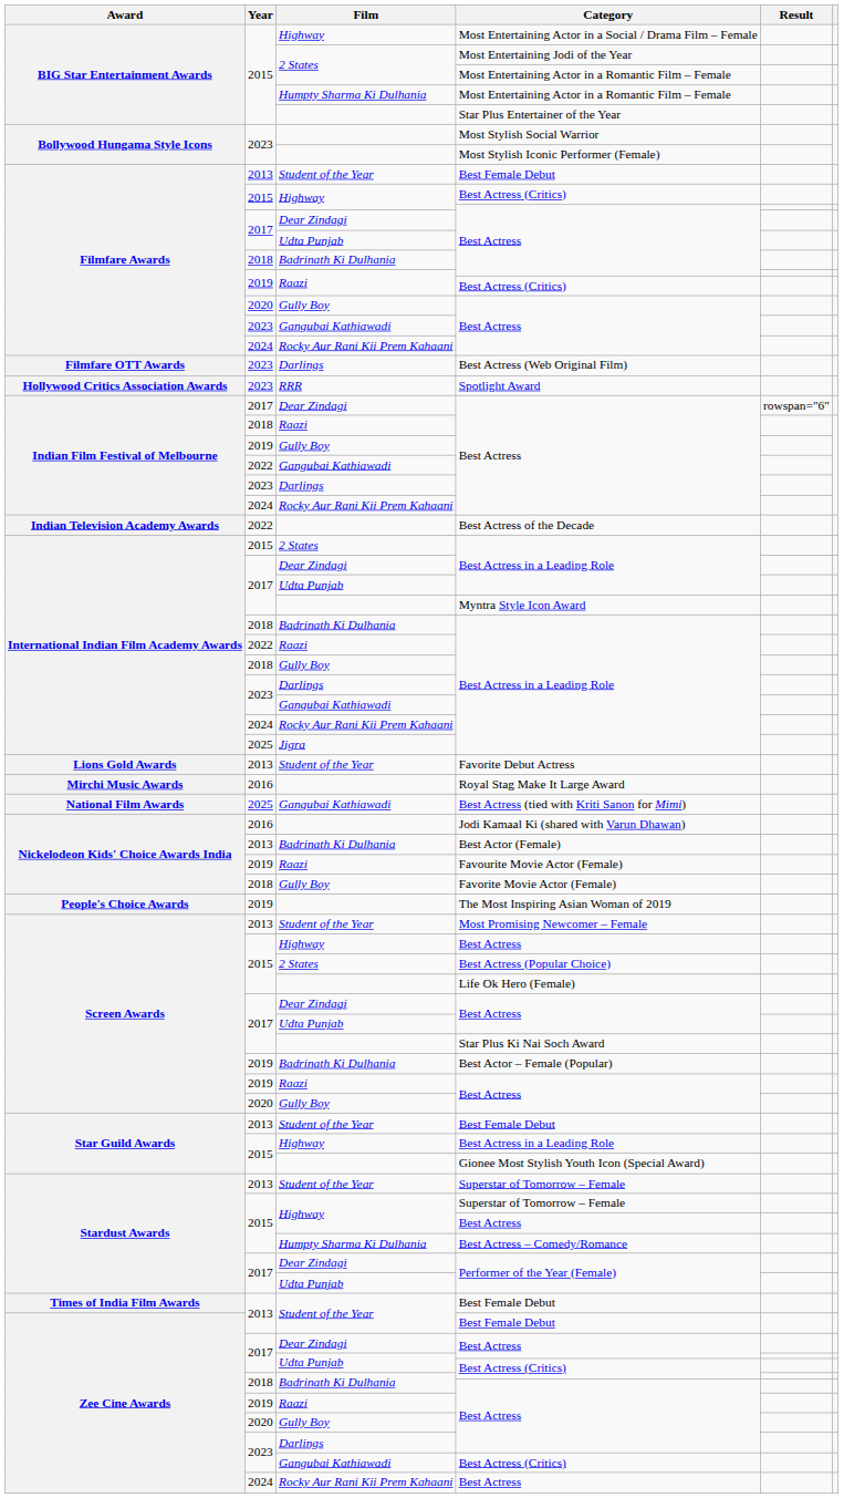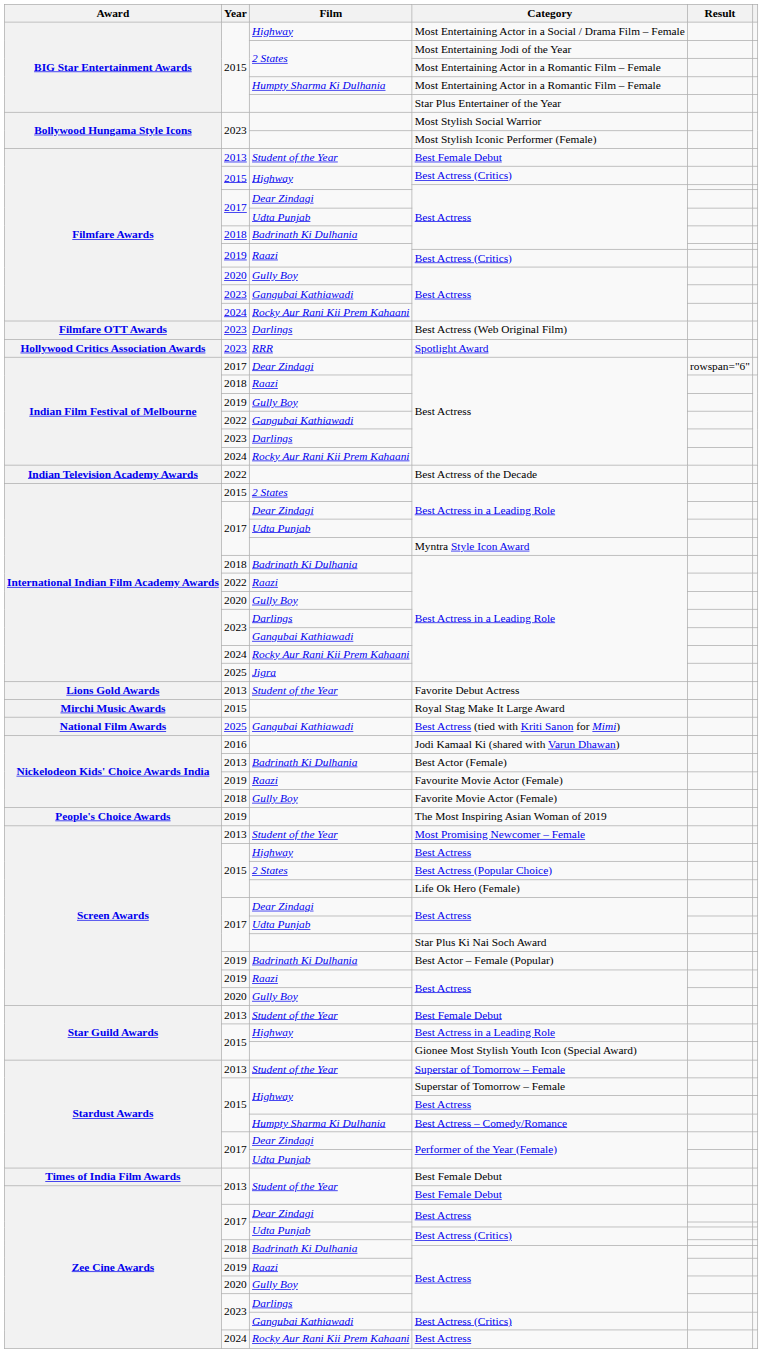 <table class="wikitable sortable plainrowheaders">
 <tr>
 <th scope="col">Award</th>
 <th scope="col">Year</th>
 <th scope="col">Film</th>
 <th scope="col">Category</th>
 <th scope="col">Result</th>
 <th scope="col" class="unsortable"></th>
 </tr>
 <tr>
 <th scope="row" rowspan="5"><a href='#'>BIG Star Entertainment Awards</a></th>
 <td rowspan="5">2015</td>
 <td><em><a href='#'>Highway</a></em></td>
 <td>Most Entertaining Actor in a Social / Drama Film – Female</td>
 <td></td>
 <td align="center"></td>
 </tr>
 <tr>
 <td rowspan="2"><em><a href='#'>2 States</a></em></td>
 <td>Most Entertaining Jodi of the Year</td>
 <td></td>
 <td align="center"></td>
 </tr>
 <tr>
 <td>Most Entertaining Actor in a Romantic Film – Female</td>
 <td></td>
 <td align="center"></td>
 </tr>
 <tr>
 <td><em><a href='#'>Humpty Sharma Ki Dulhania</a></em></td>
 <td>Most Entertaining Actor in a Romantic Film – Female</td>
 <td></td>
 <td align="center"></td>
 </tr>
 <tr>
 <td></td>
 <td>Star Plus Entertainer of the Year</td>
 <td></td>
 <td align="center"></td>
 </tr>
 <tr>
 <th scope="row" rowspan="2"><a href='#'>Bollywood Hungama Style Icons</a></th>
 <td rowspan="2">2023</td>
 <td></td>
 <td>Most Stylish Social Warrior</td>
 <td></td>
 <td rowspan="2"></td>
 </tr>
 <tr>
 <td></td>
 <td>Most Stylish Iconic Performer (Female)</td>
 <td></td>
 </tr>
 <tr>
 <th rowspan="11" scope="row"><a href='#'>Filmfare Awards</a></th>
 <td><a href='#'>2013</a></td>
 <td><em><a href='#'>Student of the Year</a></em></td>
 <td><a href='#'>Best Female Debut</a></td>
 <td></td>
 <td align="center"></td>
 </tr>
 <tr>
 <td rowspan="2"><a href='#'>2015</a></td>
 <td rowspan="2"><em><a href='#'>Highway</a></em></td>
 <td><a href='#'>Best Actress (Critics)</a></td>
 <td></td>
 <td align="center"></td>
 </tr>
 <tr>
 <td rowspan="5"><a href='#'>Best Actress</a></td>
 <td></td>
 <td align="center"></td>
 </tr>
 <tr>
 <td rowspan="2"><a href='#'>2017</a></td>
 <td><em><a href='#'>Dear Zindagi</a></em></td>
 <td></td>
 <td align="center"></td>
 </tr>
 <tr>
 <td><em><a href='#'>Udta Punjab</a></em></td>
 <td></td>
 <td align="center"></td>
 </tr>
 <tr>
 <td><a href='#'>2018</a></td>
 <td><em><a href='#'>Badrinath Ki Dulhania</a></em></td>
 <td></td>
 <td align="center"></td>
 </tr>
 <tr>
 <td rowspan="2"><a href='#'>2019</a></td>
 <td rowspan="2"><em><a href='#'>Raazi</a></em></td>
 <td></td>
 <td align="center"></td>
 </tr>
 <tr>
 <td><a href='#'>Best Actress (Critics)</a></td>
 <td></td>
 <td align="center"></td>
 </tr>
 <tr>
 <td><a href='#'>2020</a></td>
 <td><em><a href='#'>Gully Boy</a></em></td>
 <td rowspan="3"><a href='#'>Best Actress</a></td>
 <td></td>
 <td align="center"></td>
 </tr>
 <tr>
 <td><a href='#'>2023</a></td>
 <td><em><a href='#'>Gangubai Kathiawadi</a></em></td>
 <td></td>
 <td align="center"></td>
 </tr>
 <tr>
 <td><a href='#'>2024</a></td>
 <td><em><a href='#'>Rocky Aur Rani Kii Prem Kahaani</a></em></td>
 <td></td>
 <td align="center"></td>
 </tr>
 <tr>
 <th scope="row"><a href='#'>Filmfare OTT Awards</a></th>
 <td><a href='#'>2023</a></td>
 <td><em><a href='#'>Darlings</a></em></td>
 <td>Best Actress (Web Original Film)</td>
 <td></td>
 <td align="center"></td>
 </tr>
 <tr>
 <th scope="row"><a href='#'>Hollywood Critics Association Awards</a></th>
 <td><a href='#'>2023</a></td>
 <td><em><a href='#'>RRR</a></em></td>
 <td><a href='#'>Spotlight Award</a></td>
 <td></td>
 <td align="center"></td>
 </tr>
 <tr>
 <th scope="row" rowspan="6"><a href='#'>Indian Film Festival of Melbourne</a></th>
 <td>2017</td>
 <td><em><a href='#'>Dear Zindagi</a></em></td>
 <td rowspan="6">Best Actress</td>
 <td>rowspan="6" </td>
 <td align="center"></td>
 </tr>
 <tr>
 <td>2018</td>
 <td><em><a href='#'>Raazi</a></em></td>
 <td align="center"></td>
 </tr>
 <tr>
 <td>2019</td>
 <td><em><a href='#'>Gully Boy</a></em></td>
 <td align="center"></td>
 </tr>
 <tr>
 <td>2022</td>
 <td><em><a href='#'>Gangubai Kathiawadi</a></em></td>
 <td align="center"></td>
 </tr>
 <tr>
 <td>2023</td>
 <td><em><a href='#'>Darlings</a></em></td>
 <td align="center"></td>
 </tr>
 <tr>
 <td>2024</td>
 <td><em><a href='#'>Rocky Aur Rani Kii Prem Kahaani</a></em></td>
 <td align="center"></td>
 </tr>
 <tr>
 <th scope="row"><a href='#'>Indian Television Academy Awards</a></th>
 <td>2022</td>
 <td></td>
 <td>Best Actress of the Decade</td>
 <td></td>
 <td align="center"></td>
 </tr>
 <tr>
 <th scope="row" rowspan="11"><a href='#'>International Indian Film Academy Awards</a></th>
 <td>2015</td>
 <td><em><a href='#'>2 States</a></em></td>
 <td rowspan="3"><a href='#'>Best Actress in a Leading Role</a></td>
 <td></td>
 <td align="center"></td>
 </tr>
 <tr>
 <td rowspan="3">2017</td>
 <td><em><a href='#'>Dear Zindagi</a></em></td>
 <td></td>
 <td align="center"></td>
 </tr>
 <tr>
 <td><em><a href='#'>Udta Punjab</a></em></td>
 <td></td>
 <td align="center"></td>
 </tr>
 <tr>
 <td></td>
 <td>Myntra <a href='#'>Style Icon Award</a></td>
 <td></td>
 <td align="center"></td>
 </tr>
 <tr>
 <td>2018</td>
 <td><em><a href='#'>Badrinath Ki Dulhania</a></em></td>
 <td rowspan="7"><a href='#'>Best Actress in a Leading Role</a></td>
 <td></td>
 <td align="center"></td>
 </tr>
 <tr>
 <td>2022</td>
 <td><em><a href='#'>Raazi</a></em></td>
 <td></td>
 <td align="center"></td>
 </tr>
 <tr>
-<td>2018</td>
+<td>2020</td>
 <td><em><a href='#'>Gully Boy</a></em></td>
 <td></td>
 <td align="center"></td>
 </tr>
 <tr>
 <td rowspan="2">2023</td>
 <td><em><a href='#'>Darlings</a></em></td>
 <td></td>
 <td align="center"></td>
 </tr>
 <tr>
 <td><em><a href='#'>Gangubai Kathiawadi</a></em></td>
 <td></td>
 <td align="center"></td>
 </tr>
 <tr>
 <td>2024</td>
 <td><em><a href='#'>Rocky Aur Rani Kii Prem Kahaani</a></em></td>
 <td></td>
 <td align="center"></td>
 </tr>
 <tr>
 <td>2025</td>
 <td><em><a href='#'>Jigra</a></em></td>
 <td></td>
 <td></td>
 </tr>
 <tr>
 <th scope="row"><a href='#'>Lions Gold Awards</a></th>
 <td>2013</td>
 <td><em><a href='#'>Student of the Year</a></em></td>
 <td>Favorite Debut Actress</td>
 <td></td>
 <td align="center"></td>
 </tr>
 <tr>
 <th scope="row"><a href='#'>Mirchi Music Awards</a></th>
-<td>2016</td>
+<td>2015</td>
 <td></td>
 <td>Royal Stag Make It Large Award</td>
 <td></td>
 <td align="center"></td>
 </tr>
 <tr>
 <th scope="row"><a href='#'>National Film Awards</a></th>
 <td><a href='#'>2025</a></td>
 <td><em><a href='#'>Gangubai Kathiawadi</a></em></td>
 <td><a href='#'>Best Actress</a> (tied with <a href='#'>Kriti Sanon</a> for <a href='#'><em>Mimi</em></a>)</td>
 <td></td>
 <td align="center"></td>
 </tr>
 <tr>
 <th scope="row" rowspan="4"><a href='#'>Nickelodeon Kids' Choice Awards India</a></th>
 <td>2016</td>
 <td></td>
 <td>Jodi Kamaal Ki (shared with <a href='#'>Varun Dhawan</a>)</td>
 <td></td>
 <td align="center"></td>
 </tr>
 <tr>
 <td>2013</td>
 <td><em><a href='#'>Badrinath Ki Dulhania</a></em></td>
 <td>Best Actor (Female)</td>
 <td></td>
 <td align="center"></td>
 </tr>
 <tr>
 <td>2019</td>
 <td><em><a href='#'>Raazi</a></em></td>
 <td>Favourite Movie Actor (Female)</td>
 <td></td>
 <td align="center"></td>
 </tr>
 <tr>
 <td>2018</td>
 <td><em><a href='#'>Gully Boy</a></em></td>
 <td>Favorite Movie Actor (Female)</td>
 <td></td>
 <td align="center"></td>
 </tr>
 <tr>
 <th scope="row"><a href='#'>People's Choice Awards</a></th>
 <td>2019</td>
 <td></td>
 <td>The Most Inspiring Asian Woman of 2019</td>
 <td></td>
 <td align="center"></td>
 </tr>
 <tr>
 <th scope="row" rowspan="10"><a href='#'>Screen Awards</a></th>
 <td>2013</td>
 <td><em><a href='#'>Student of the Year</a></em></td>
 <td><a href='#'>Most Promising Newcomer – Female</a></td>
 <td></td>
 <td align="center"></td>
 </tr>
 <tr>
 <td rowspan="3">2015</td>
 <td><em><a href='#'>Highway</a></em></td>
 <td><a href='#'>Best Actress</a></td>
 <td></td>
 <td align="center"></td>
 </tr>
 <tr>
 <td><em><a href='#'>2 States</a></em></td>
 <td><a href='#'>Best Actress (Popular Choice)</a></td>
 <td></td>
 <td align="center"></td>
 </tr>
 <tr>
 <td></td>
 <td>Life Ok Hero (Female)</td>
 <td></td>
 <td align="center"></td>
 </tr>
 <tr>
 <td rowspan="3">2017</td>
 <td><em><a href='#'>Dear Zindagi</a></em></td>
 <td rowspan="2"><a href='#'>Best Actress</a></td>
 <td></td>
 <td align="center"></td>
 </tr>
 <tr>
 <td><em><a href='#'>Udta Punjab</a></em></td>
 <td></td>
 <td align="center"></td>
 </tr>
 <tr>
 <td></td>
 <td>Star Plus Ki Nai Soch Award</td>
 <td></td>
 <td align="center"></td>
 </tr>
 <tr>
 <td>2019</td>
 <td><em><a href='#'>Badrinath Ki Dulhania</a></em></td>
 <td>Best Actor – Female (Popular)</td>
 <td></td>
 <td align="center"></td>
 </tr>
 <tr>
 <td>2019</td>
 <td><em><a href='#'>Raazi</a></em></td>
 <td rowspan="2"><a href='#'>Best Actress</a></td>
 <td></td>
 <td align="center"></td>
 </tr>
 <tr>
 <td>2020</td>
 <td><em><a href='#'>Gully Boy</a></em></td>
 <td></td>
 <td align="center"></td>
 </tr>
 <tr>
 <th scope="row" rowspan="3"><a href='#'>Star Guild Awards</a></th>
 <td>2013</td>
 <td><em><a href='#'>Student of the Year</a></em></td>
 <td><a href='#'>Best Female Debut</a></td>
 <td></td>
 <td align="center"></td>
 </tr>
 <tr>
 <td rowspan="2">2015</td>
 <td><em><a href='#'>Highway</a></em></td>
 <td><a href='#'>Best Actress in a Leading Role</a></td>
 <td></td>
 <td align="center"></td>
 </tr>
 <tr>
 <td></td>
 <td>Gionee Most Stylish Youth Icon (Special Award)</td>
 <td></td>
 <td align="center"></td>
 </tr>
 <tr>
 <th scope="row" rowspan="6"><a href='#'>Stardust Awards</a></th>
 <td>2013</td>
 <td><em><a href='#'>Student of the Year</a></em></td>
 <td><a href='#'>Superstar of Tomorrow – Female</a></td>
 <td></td>
 <td align="center"></td>
 </tr>
 <tr>
 <td rowspan="3">2015</td>
 <td rowspan="2"><em><a href='#'>Highway</a></em></td>
 <td>Superstar of Tomorrow – Female</td>
 <td></td>
 <td align="center"></td>
 </tr>
 <tr>
 <td><a href='#'>Best Actress</a></td>
 <td></td>
 <td align="center"></td>
 </tr>
 <tr>
 <td><em><a href='#'>Humpty Sharma Ki Dulhania</a></em></td>
 <td><a href='#'>Best Actress – Comedy/Romance</a></td>
 <td></td>
 <td align="center"></td>
 </tr>
 <tr>
 <td rowspan="2">2017</td>
 <td><em><a href='#'>Dear Zindagi</a></em></td>
 <td rowspan="2"><a href='#'>Performer of the Year (Female)</a></td>
 <td></td>
 <td align="center"></td>
 </tr>
 <tr>
 <td><em><a href='#'>Udta Punjab</a></em></td>
 <td></td>
 <td align="center"></td>
 </tr>
 <tr>
 <th scope="row"><a href='#'>Times of India Film Awards</a></th>
 <td rowspan="2">2013</td>
 <td rowspan="2"><em><a href='#'>Student of the Year</a></em></td>
 <td>Best Female Debut</td>
 <td></td>
 <td align="center"></td>
 </tr>
 <tr>
 <th scope="row" rowspan="11"><a href='#'>Zee Cine Awards</a></th>
 <td><a href='#'>Best Female Debut</a></td>
 <td></td>
 <td align="center"></td>
 </tr>
 <tr>
 <td rowspan="3">2017</td>
 <td><em><a href='#'>Dear Zindagi</a></em></td>
 <td rowspan="2"><a href='#'>Best Actress</a></td>
 <td></td>
 <td align="center"></td>
 </tr>
 <tr>
 <td rowspan="2"><em><a href='#'>Udta Punjab</a></em></td>
 <td></td>
 <td align="center"></td>
 </tr>
 <tr>
 <td rowspan="2"><a href='#'>Best Actress (Critics)</a></td>
 <td></td>
 <td align="center"></td>
 </tr>
 <tr>
 <td rowspan="2">2018</td>
 <td rowspan="2"><em><a href='#'>Badrinath Ki Dulhania</a></em></td>
 <td></td>
 <td align="center"></td>
 </tr>
 <tr>
 <td rowspan="4"><a href='#'>Best Actress</a></td>
 <td></td>
 <td align="center"></td>
 </tr>
 <tr>
 <td>2019</td>
 <td><em><a href='#'>Raazi</a></em></td>
 <td></td>
 <td align="center"></td>
 </tr>
 <tr>
 <td>2020</td>
 <td><em><a href='#'>Gully Boy</a></em></td>
 <td></td>
 <td align="center"></td>
 </tr>
 <tr>
 <td rowspan="2">2023</td>
 <td><em><a href='#'>Darlings</a></em></td>
 <td></td>
 <td align="center"></td>
 </tr>
 <tr>
 <td><em><a href='#'>Gangubai Kathiawadi</a></em></td>
 <td><a href='#'>Best Actress (Critics)</a></td>
 <td></td>
 <td align="center"></td>
 </tr>
 <tr>
 <td>2024</td>
 <td><em><a href='#'>Rocky Aur Rani Kii Prem Kahaani</a></em></td>
 <td><a href='#'>Best Actress</a></td>
 <td></td>
 <td align="center"></td>
 </tr>
 </table>
